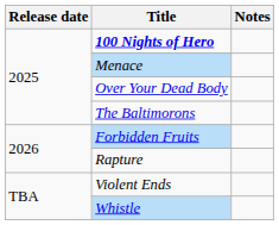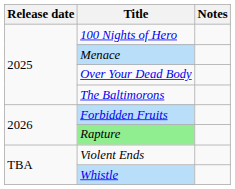 <table class="wikitable sortable">
 <tr>
 <th>Release date</th>
 <th>Title</th>
 <th>Notes</th>
 </tr>
 <tr>
 <td rowspan=4>2025</td>
-<td><strong><em><a href='#'>100 Nights of Hero</a></em></strong></td>
+<td><em><a href='#'>100 Nights of Hero</a></em></td>
 <td></td>
 </tr>
 <tr>
 <td style="background:#B8DEF9;"><em>Menace</em></td>
 <td></td>
 </tr>
 <tr>
 <td><em><a href='#'>Over Your Dead Body</a></em></td>
 <td></td>
 </tr>
 <tr>
 <td><em><a href='#'>The Baltimorons</a></em></td>
 <td></td>
 </tr>
 <tr>
 <td rowspan="2">2026</td>
 <td style="background:#B8DEF9;"><em><a href='#'>Forbidden Fruits</a></em></td>
 <td></td>
 </tr>
 <tr>
-<td><em>Rapture</em></td>
+<td style="background: lightgreen;"><em>Rapture</em></td>
 <td></td>
 </tr>
 <tr>
 <td rowspan="2">TBA</td>
 <td><em>Violent Ends</em></td>
 <td></td>
 </tr>
 <tr>
 <td style="background:#B8DEF9;"><em><a href='#'> Whistle</a></em></td>
 <td></td>
 </tr>
 </table>
